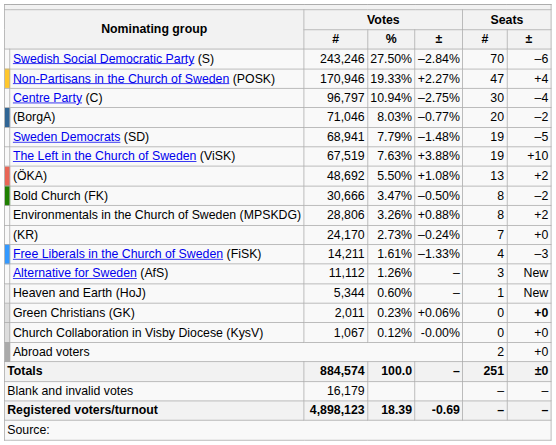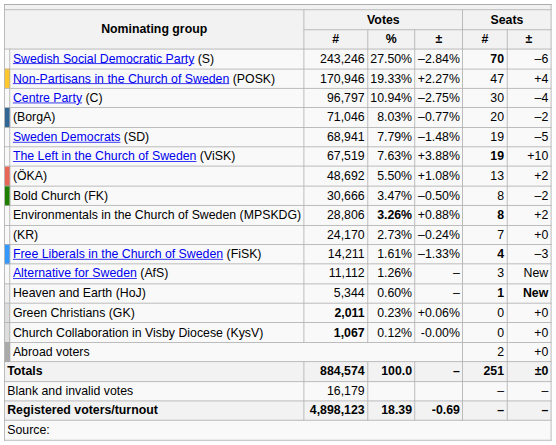 <table class=wikitable style=text-align:right>
 <tr>
 </tr>
 <tr>
 <th colspan="7"></th>
 </tr>
 <tr>
 <th colspan=2 rowspan=2 style="width:230px">Nominating group</th>
 <th colspan=3>Votes</th>
 <th colspan=2>Seats</th>
 </tr>
 <tr>
 <th style="width:75px">#</th>
 <th style="width:50px">%</th>
 <th style="width:50px">±</th>
 <th style="width:50px">#</th>
 <th style="width:50px">±</th>
 </tr>
 <tr>
 <td style="background-color:"></td>
 <td style="text-align:left;"><a href='#'>Swedish Social Democratic Party</a> (S)</td>
 <td>243,246</td>
 <td>27.50%</td>
 <td>–2.84%</td>
-<td>70</td>
+<td><strong>70</strong></td>
 <td>–6</td>
 </tr>
 <tr>
 <td style="background-color:#FFC72C"></td>
 <td style="text-align:left;"><a href='#'>Non-Partisans in the Church of Sweden</a> (POSK)</td>
 <td>170,946</td>
 <td>19.33%</td>
 <td>+2.27%</td>
 <td>47</td>
 <td>+4</td>
 </tr>
 <tr>
 <td style="background-color:"></td>
 <td style="text-align:left;"><a href='#'>Centre Party</a> (C)</td>
 <td>96,797</td>
 <td>10.94%</td>
 <td>–2.75%</td>
 <td>30</td>
 <td>–4</td>
 </tr>
 <tr>
 <td style="background-color:#316695"></td>
 <td style="text-align:left;"> (BorgA)</td>
 <td>71,046</td>
 <td>8.03%</td>
 <td>–0.77%</td>
 <td>20</td>
 <td>–2</td>
 </tr>
 <tr>
 <td style="background-color:"></td>
 <td style="text-align:left;"><a href='#'>Sweden Democrats</a> (SD)</td>
 <td>68,941</td>
 <td>7.79%</td>
 <td>–1.48%</td>
 <td>19</td>
 <td>–5</td>
 </tr>
 <tr>
 <td style="background-color:"></td>
 <td style="text-align:left;"><a href='#'>The Left in the Church of Sweden</a> (ViSK)</td>
 <td>67,519</td>
 <td>7.63%</td>
 <td>+3.88%</td>
-<td>19</td>
+<td><strong>19</strong></td>
 <td>+10</td>
 </tr>
 <tr>
 <td style="background-color:#E96656"></td>
 <td style="text-align:left;"> (ÖKA)</td>
 <td>48,692</td>
 <td>5.50%</td>
 <td>+1.08%</td>
 <td>13</td>
 <td>+2</td>
 </tr>
 <tr>
 <td style="background-color:#1F8000"></td>
 <td style="text-align:left;">Bold Church (FK)</td>
 <td>30,666</td>
 <td>3.47%</td>
 <td>–0.50%</td>
 <td>8</td>
 <td>–2</td>
 </tr>
 <tr>
 <td style="background-color:"></td>
 <td style="text-align:left;">Environmentals in the Church of Sweden (MPSKDG)</td>
 <td>28,806</td>
-<td>3.26%</td>
+<td><strong>3.26%</strong></td>
 <td>+0.88%</td>
-<td>8</td>
+<td><strong>8</strong></td>
 <td>+2</td>
 </tr>
 <tr>
 <td style="background-color:"></td>
 <td style="text-align:left;"> (KR)</td>
 <td>24,170</td>
 <td>2.73%</td>
 <td>–0.24%</td>
 <td>7</td>
 <td>+0</td>
 </tr>
 <tr>
 <td style="background-color:#3399ff"></td>
 <td style="text-align:left;"><a href='#'>Free Liberals in the Church of Sweden</a> (FiSK)</td>
 <td>14,211</td>
 <td>1.61%</td>
 <td>–1.33%</td>
-<td>4</td>
+<td><strong>4</strong></td>
 <td>–3</td>
 </tr>
 <tr>
 <td style="background-color:"></td>
 <td style="text-align:left;"><a href='#'>Alternative for Sweden</a> (AfS)</td>
 <td>11,112</td>
 <td>1.26%</td>
 <td>–</td>
 <td>3</td>
 <td>New</td>
 </tr>
 <tr>
 <td style="background-color:#EEEEEE"></td>
 <td style="text-align:left;">Heaven and Earth (HoJ)</td>
 <td>5,344</td>
 <td>0.60%</td>
 <td>–</td>
-<td>1</td>
-<td>New</td>
+<td><strong>1</strong></td>
+<td><strong>New</strong></td>
 </tr>
 <tr>
 <td style="background-color:#DDDDDD"></td>
 <td style="text-align:left;">Green Christians (GK)</td>
-<td>2,011</td>
+<td><strong>2,011</strong></td>
 <td>0.23%</td>
 <td>+0.06%</td>
 <td>0</td>
-<td><strong>+0</strong></td>
+<td>+0</td>
 </tr>
 <tr>
 <td style="background-color:#DDDDDD"></td>
 <td style="text-align:left;">Church Collaboration in Visby Diocese (KysV)</td>
-<td>1,067</td>
+<td><strong>1,067</strong></td>
 <td>0.12%</td>
 <td>-0.00%</td>
 <td>0</td>
 <td>+0</td>
 </tr>
 <tr>
 <td style="background-color:#AAAAAA"></td>
 <td colspan=4 style="text-align:left;">Abroad voters</td>
 <td>2</td>
 <td>+0</td>
 </tr>
 <tr>
 <th colspan=2 style=text-align:left;width:200px>Totals</th>
 <th style=text-align:right;width:75px>884,574</th>
 <th style=text-align:right;width:50px>100.0</th>
 <th style=text-align:right;width:50px>–</th>
 <th style=text-align:right;width:50px>251</th>
 <th style=text-align:right;width:50px>±0</th>
 </tr>
 <tr>
 <td colspan=2 style=text-align:left>Blank and invalid votes</td>
 <td style=text-align:right>16,179</td>
 <td style=text-align:right></td>
 <td style=text-align:right></td>
 <td style=text-align:right>–</td>
 <td style=text-align:right>–</td>
 </tr>
 <tr>
 <th colspan=2 style=text-align:left>Registered voters/turnout</th>
 <th style=text-align:right>4,898,123</th>
 <th style=text-align:right>18.39</th>
 <th style=text-align:right>-0.69</th>
 <th style=text-align:right>–</th>
 <th style=text-align:right>–</th>
 </tr>
 <tr>
 <td colspan=7 style="text-align:left;">Source: </td>
 </tr>
 </table>
